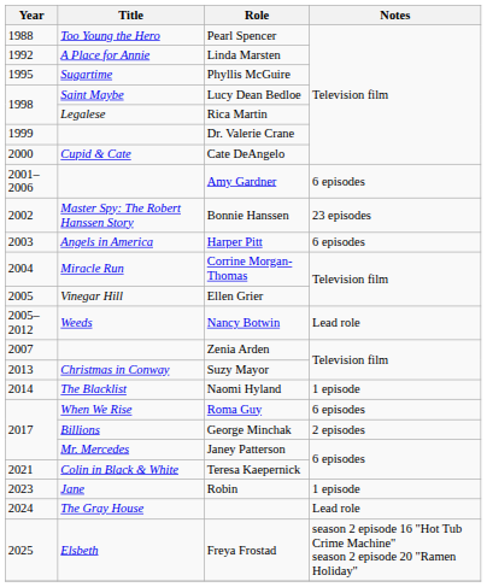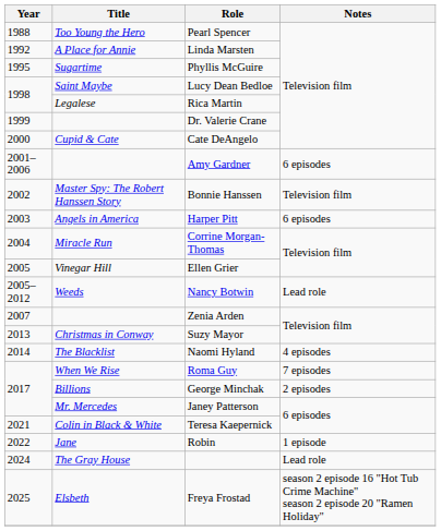 <table class="wikitable sortable">
 <tr>
 <th>Year</th>
 <th>Title</th>
 <th>Role</th>
 <th class="unsortable">Notes</th>
 </tr>
 <tr>
 <td>1988</td>
 <td><em><a href='#'>Too Young the Hero</a></em></td>
 <td>Pearl Spencer</td>
 <td rowspan="7">Television film</td>
 </tr>
 <tr>
 <td>1992</td>
 <td><em><a href='#'>A Place for Annie</a></em></td>
 <td>Linda Marsten</td>
 </tr>
 <tr>
 <td>1995</td>
 <td><em><a href='#'>Sugartime</a></em></td>
 <td>Phyllis McGuire</td>
 </tr>
 <tr>
 <td rowspan="2">1998</td>
 <td><em><a href='#'>Saint Maybe</a></em></td>
 <td>Lucy Dean Bedloe</td>
 </tr>
 <tr>
 <td><em>Legalese</em></td>
 <td>Rica Martin</td>
 </tr>
 <tr>
 <td>1999</td>
 <td><em></em></td>
 <td>Dr. Valerie Crane</td>
 </tr>
 <tr>
 <td>2000</td>
 <td><em><a href='#'>Cupid & Cate</a></em></td>
 <td>Cate DeAngelo</td>
 </tr>
 <tr>
 <td>2001–2006</td>
 <td><em></em></td>
 <td><a href='#'>Amy Gardner</a></td>
 <td>6 episodes</td>
 </tr>
 <tr>
 <td>2002</td>
 <td><em><a href='#'>Master Spy: The Robert Hanssen Story</a></em></td>
 <td>Bonnie Hanssen</td>
-<td>23 episodes</td>
+<td>Television film</td>
 </tr>
 <tr>
 <td>2003</td>
 <td><em><a href='#'>Angels in America</a></em></td>
 <td><a href='#'>Harper Pitt</a></td>
 <td>6 episodes</td>
 </tr>
 <tr>
 <td>2004</td>
 <td><em><a href='#'>Miracle Run</a></em></td>
 <td><a href='#'>Corrine Morgan-Thomas</a></td>
 <td rowspan="2">Television film</td>
 </tr>
 <tr>
 <td>2005</td>
 <td><em>Vinegar Hill</em></td>
 <td>Ellen Grier</td>
 </tr>
 <tr>
 <td>2005–2012</td>
 <td><em><a href='#'>Weeds</a></em></td>
 <td><a href='#'>Nancy Botwin</a></td>
 <td>Lead role</td>
 </tr>
 <tr>
 <td>2007</td>
 <td><em></em></td>
 <td>Zenia Arden</td>
 <td rowspan="2">Television film</td>
 </tr>
 <tr>
 <td>2013</td>
 <td><em><a href='#'>Christmas in Conway</a></em></td>
 <td>Suzy Mayor</td>
 </tr>
 <tr>
 <td>2014</td>
 <td><em><a href='#'>The Blacklist</a></em></td>
 <td>Naomi Hyland</td>
-<td>1 episode</td>
+<td>4 episodes</td>
 </tr>
 <tr>
 <td rowspan="3">2017</td>
 <td><em><a href='#'>When We Rise</a></em></td>
 <td><a href='#'>Roma Guy</a></td>
-<td>6 episodes</td>
+<td>7 episodes</td>
 </tr>
 <tr>
 <td><em><a href='#'>Billions</a></em></td>
 <td>George Minchak</td>
 <td>2 episodes</td>
 </tr>
 <tr>
 <td><em><a href='#'>Mr. Mercedes</a></em></td>
 <td>Janey Patterson</td>
 <td rowspan="2">6 episodes</td>
 </tr>
 <tr>
 <td>2021</td>
 <td><em><a href='#'>Colin in Black & White</a></em></td>
 <td>Teresa Kaepernick</td>
 </tr>
 <tr>
-<td>2023</td>
+<td>2022</td>
 <td><em><a href='#'>Jane</a></em></td>
 <td>Robin</td>
 <td>1 episode</td>
 </tr>
 <tr>
 <td>2024</td>
 <td><em><a href='#'>The Gray House</a></em></td>
 <td></td>
 <td>Lead role</td>
 </tr>
 <tr>
 <td>2025</td>
 <td><em><a href='#'>Elsbeth</a></em></td>
 <td>Freya Frostad</td>
 <td>season 2 episode 16 "Hot Tub Crime Machine"<br>season 2 episode 20 "Ramen Holiday"</td>
 </tr>
 <tr>
 </tr>
 </table>
